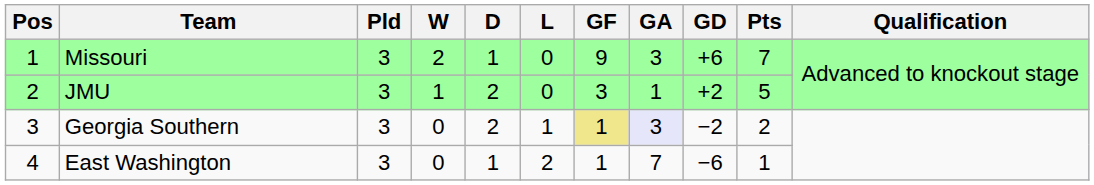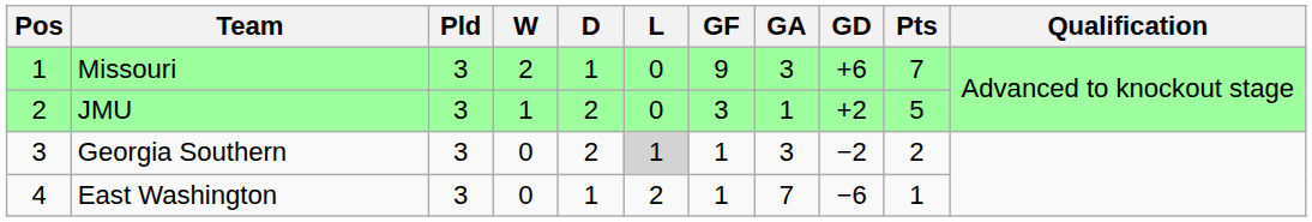 <table class="wikitable" style="text-align:center; margin: 1em auto">
 <tr>
 <th style="width:2em">Pos</th>
 <th style="width:13em">Team</th>
 <th style="width:2em">Pld</th>
 <th style="width:2em">W</th>
 <th style="width:2em">D</th>
 <th style="width:2em">L</th>
 <th style="width:2em">GF</th>
 <th style="width:2em">GA</th>
 <th style="width:2em">GD</th>
 <th style="width:2em">Pts</th>
 <th style="width:13em">Qualification</th>
 </tr>
 <tr bgcolor="#9eff9e">
 <td>1</td>
 <td style="text-align:left">Missouri</td>
 <td>3</td>
 <td>2</td>
 <td>1</td>
 <td>0</td>
 <td>9</td>
 <td>3</td>
 <td>+6</td>
 <td>7</td>
 <td rowspan="2">Advanced to knockout stage</td>
 </tr>
 <tr bgcolor="#9eff9e">
 <td>2</td>
 <td style="text-align:left">JMU</td>
 <td>3</td>
 <td>1</td>
 <td>2</td>
 <td>0</td>
 <td>3</td>
 <td>1</td>
 <td>+2</td>
 <td>5</td>
 </tr>
 <tr>
 <td>3</td>
 <td style="text-align:left">Georgia Southern</td>
 <td>3</td>
 <td>0</td>
 <td>2</td>
+<td style="background: lightgrey;">1</td>
 <td>1</td>
-<td style="background: khaki;">1</td>
-<td style="background: lavender;">3</td>
+<td>3</td>
 <td>−2</td>
 <td>2</td>
 </tr>
 <tr>
 <td>4</td>
 <td style="text-align:left">East Washington</td>
 <td>3</td>
 <td>0</td>
 <td>1</td>
 <td>2</td>
 <td>1</td>
 <td>7</td>
 <td>−6</td>
 <td>1</td>
 </tr>
 </table>
